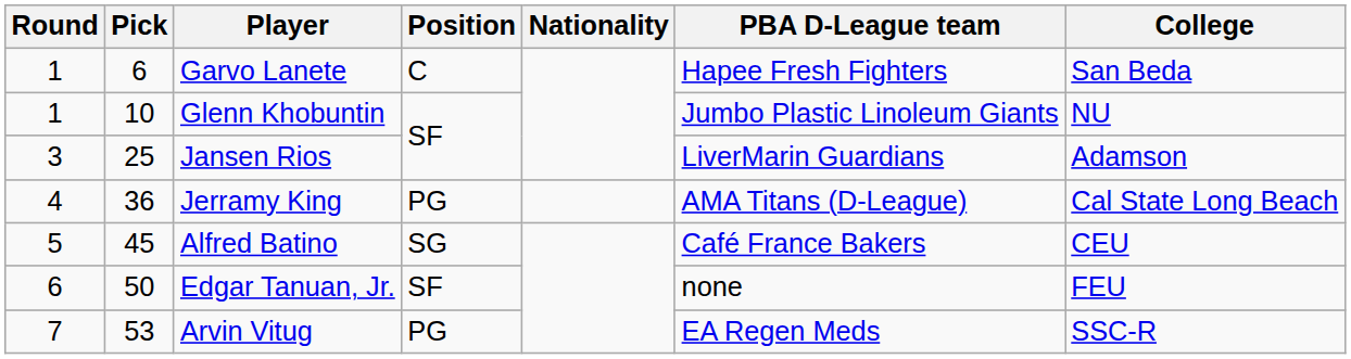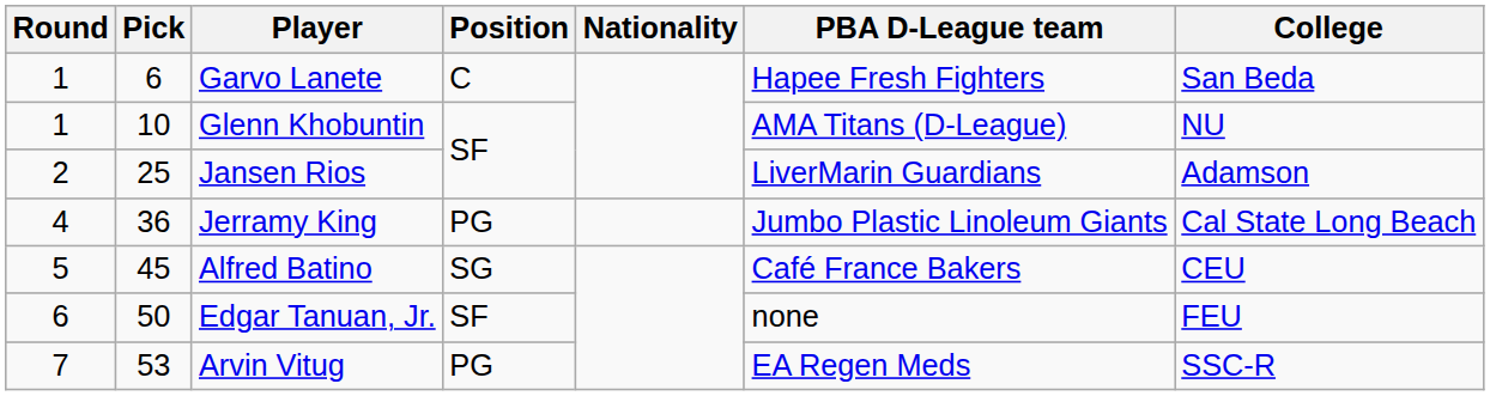 <table class="wikitable sortable sortable">
 <tr>
 <th>Round</th>
 <th>Pick</th>
 <th>Player</th>
 <th>Position</th>
 <th>Nationality</th>
 <th>PBA D-League team</th>
 <th>College</th>
 </tr>
 <tr>
 <td align=center>1</td>
 <td align=center>6</td>
 <td><a href='#'>Garvo Lanete</a></td>
 <td>C</td>
 <td rowspan=3></td>
 <td><a href='#'>Hapee Fresh Fighters</a></td>
 <td><a href='#'>San Beda</a></td>
 </tr>
 <tr>
 <td align=center>1</td>
 <td align=center>10</td>
 <td><a href='#'>Glenn Khobuntin</a></td>
 <td rowspan=2>SF</td>
-<td><a href='#'>Jumbo Plastic Linoleum Giants</a></td>
+<td><a href='#'>AMA Titans (D-League)</a></td>
 <td><a href='#'>NU</a></td>
 </tr>
 <tr>
-<td align=center>3</td>
+<td align=center>2</td>
 <td align=center>25</td>
 <td><a href='#'>Jansen Rios</a></td>
 <td><a href='#'>LiverMarin Guardians</a></td>
 <td><a href='#'>Adamson</a></td>
 </tr>
 <tr>
 <td align=center>4</td>
 <td align=center>36</td>
 <td><a href='#'>Jerramy King</a></td>
 <td>PG</td>
 <td></td>
-<td><a href='#'>AMA Titans (D-League)</a></td>
+<td><a href='#'>Jumbo Plastic Linoleum Giants</a></td>
 <td><a href='#'>Cal State Long Beach</a></td>
 </tr>
 <tr>
 <td align=center>5</td>
 <td align=center>45</td>
 <td><a href='#'>Alfred Batino</a></td>
 <td>SG</td>
 <td rowspan=3></td>
 <td><a href='#'>Café France Bakers</a></td>
 <td><a href='#'>CEU</a></td>
 </tr>
 <tr>
 <td align=center>6</td>
 <td align=center>50</td>
 <td><a href='#'>Edgar Tanuan, Jr.</a></td>
 <td>SF</td>
 <td>none</td>
 <td><a href='#'>FEU</a></td>
 </tr>
 <tr>
 <td align=center>7</td>
 <td align=center>53</td>
 <td><a href='#'>Arvin Vitug</a></td>
 <td>PG</td>
 <td><a href='#'>EA Regen Meds</a></td>
 <td><a href='#'>SSC-R</a></td>
 </tr>
 </table>
